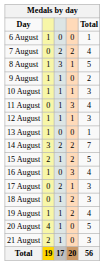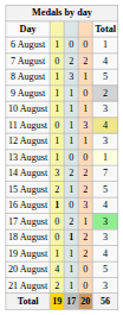 <table class="wikitable" style="font-size:85%; float:right">
 <tr align=center>
 <th colspan=7>Medals by day</th>
 </tr>
 <tr align=center>
 <td><strong>Day</strong></td>
 <td style="background:#f7f6a8;"></td>
 <td style="background:#dce5e5;"></td>
 <td style="background:#ffdab9;"></td>
 <td><strong>Total</strong></td>
 </tr>
 <tr align=center>
 <td>6 August</td>
 <td style="background:#f7f6a8;">1</td>
 <td style="background:#dce5e5;">0</td>
 <td style="background:#ffdab9;">0</td>
 <td>1</td>
 </tr>
 <tr align=center>
 <td>7 August</td>
 <td style="background:#f7f6a8;">0</td>
 <td style="background:#dce5e5;">2</td>
 <td style="background:#ffdab9;">2</td>
 <td>4</td>
 </tr>
 <tr align=center>
 <td>8 August</td>
 <td style="background:#f7f6a8;">1</td>
 <td style="background:#dce5e5;">3</td>
 <td style="background:#ffdab9;">1</td>
 <td>5</td>
 </tr>
 <tr align=center>
 <td>9 August</td>
 <td style="background:#f7f6a8;">1</td>
 <td style="background:#dce5e5;">1</td>
 <td style="background:#ffdab9;">0</td>
-<td>2</td>
+<td style="background: lightgrey;">2</td>
 </tr>
 <tr align=center>
 <td>10 August</td>
 <td style="background:#f7f6a8;">1</td>
 <td style="background:#dce5e5;">1</td>
 <td style="background:#ffdab9;">1</td>
 <td>3</td>
 </tr>
 <tr align=center>
 <td>11 August</td>
 <td style="background:#f7f6a8;">0</td>
 <td style="background:#dce5e5;">1</td>
 <td style="background:#ffdab9;">3</td>
-<td>4</td>
+<td style="background: khaki;">4</td>
 </tr>
 <tr align=center>
 <td>12 August</td>
 <td style="background:#f7f6a8;">1</td>
 <td style="background:#dce5e5;">1</td>
 <td style="background:#ffdab9;">1</td>
 <td>3</td>
 </tr>
 <tr align=center>
 <td>13 August</td>
 <td style="background:#f7f6a8;">1</td>
 <td style="background:#dce5e5;">0</td>
 <td style="background:#ffdab9;">0</td>
-<td>1</td>
+<td style="background: lightyellow;">1</td>
 </tr>
 <tr align=center>
 <td>14 August</td>
 <td style="background:#f7f6a8;">3</td>
 <td style="background:#dce5e5;">2</td>
 <td style="background:#ffdab9;">2</td>
 <td>7</td>
 </tr>
 <tr align=center>
 <td>15 August</td>
 <td style="background:#f7f6a8;">2</td>
 <td style="background:#dce5e5;">1</td>
 <td style="background:#ffdab9;">2</td>
 <td>5</td>
 </tr>
 <tr align=center>
 <td>16 August</td>
-<td style="background:#f7f6a8;">1</td>
+<td style="background:#f7f6a8;"><strong>1</strong></td>
 <td style="background:#dce5e5;">0</td>
 <td style="background:#ffdab9;">3</td>
 <td>4</td>
 </tr>
 <tr align=center>
 <td>17 August</td>
 <td style="background:#f7f6a8;">0</td>
 <td style="background:#dce5e5;">2</td>
 <td style="background:#ffdab9;">1</td>
-<td>3</td>
+<td style="background: lightgreen;">3</td>
 </tr>
 <tr align=center>
 <td>18 August</td>
 <td style="background:#f7f6a8;">0</td>
-<td style="background:#dce5e5;">1</td>
+<td style="background:#dce5e5;"><strong>1</strong></td>
 <td style="background:#ffdab9;">2</td>
 <td>3</td>
 </tr>
 <tr align=center>
 <td>19 August</td>
 <td style="background:#f7f6a8;">1</td>
 <td style="background:#dce5e5;">1</td>
 <td style="background:#ffdab9;">2</td>
 <td>4</td>
 </tr>
 <tr align=center>
 <td>20 August</td>
 <td style="background:#f7f6a8;">4</td>
 <td style="background:#dce5e5;">1</td>
 <td style="background:#ffdab9;">0</td>
 <td>5</td>
 </tr>
 <tr align=center>
 <td>21 August</td>
 <td style="background:#f7f6a8;">2</td>
 <td style="background:#dce5e5;">1</td>
 <td style="background:#ffdab9;">0</td>
 <td>3</td>
 </tr>
 <tr align=center>
 <th>Total</th>
 <th style="background:gold;">19</th>
 <th style="background:silver;">17</th>
 <th style="background:#c96;">20</th>
 <th>56</th>
 </tr>
 </table>
